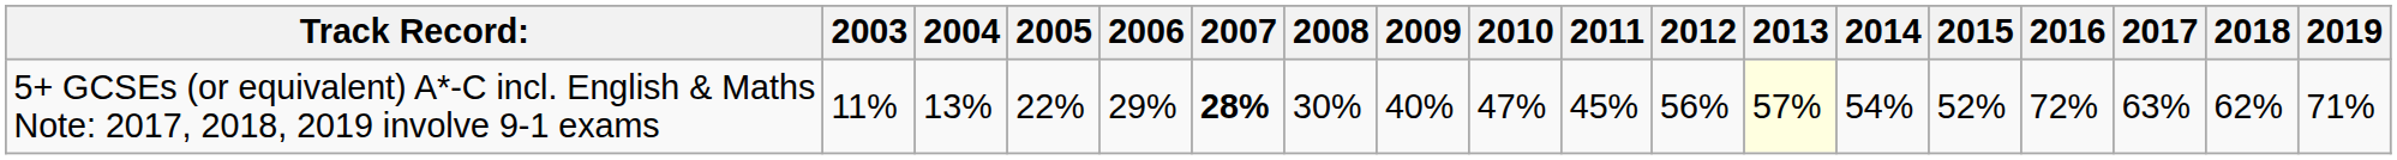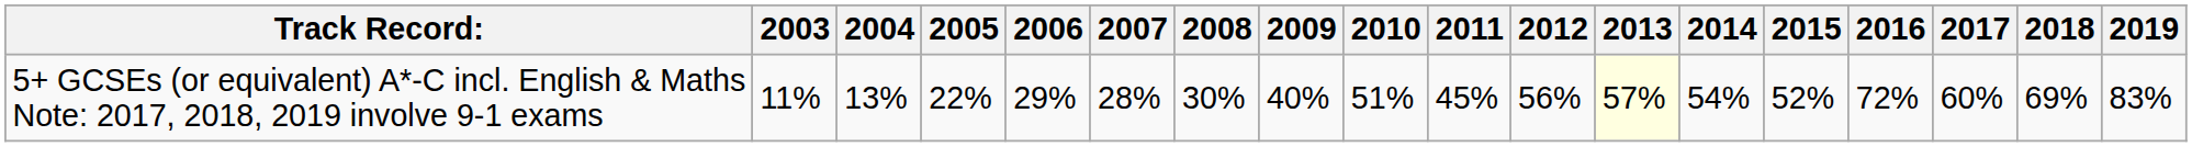 <table class="wikitable">
 <tr>
 <th>Track Record:</th>
 <th>2003</th>
 <th>2004</th>
 <th>2005</th>
 <th>2006</th>
 <th>2007</th>
 <th>2008</th>
 <th>2009</th>
 <th>2010</th>
 <th>2011</th>
 <th>2012</th>
 <th>2013</th>
 <th>2014</th>
 <th>2015</th>
 <th>2016</th>
 <th>2017</th>
 <th>2018</th>
 <th>2019</th>
 </tr>
 <tr>
 <td>5+ GCSEs (or equivalent) A*-C incl. English & Maths<br>Note: 2017, 2018, 2019 involve 9-1 exams </td>
 <td>11%</td>
 <td>13%</td>
 <td>22%</td>
 <td>29%</td>
-<td><strong>28%</strong></td>
+<td>28%</td>
 <td>30%</td>
 <td>40%</td>
-<td>47%</td>
+<td>51%</td>
 <td>45%</td>
 <td>56%</td>
 <td style="background: lightyellow;">57%</td>
 <td>54%</td>
 <td>52%</td>
 <td>72%</td>
-<td>63%</td>
-<td>62%</td>
-<td>71%</td>
+<td>60%</td>
+<td>69%</td>
+<td>83%</td>
 </tr>
 </table>
